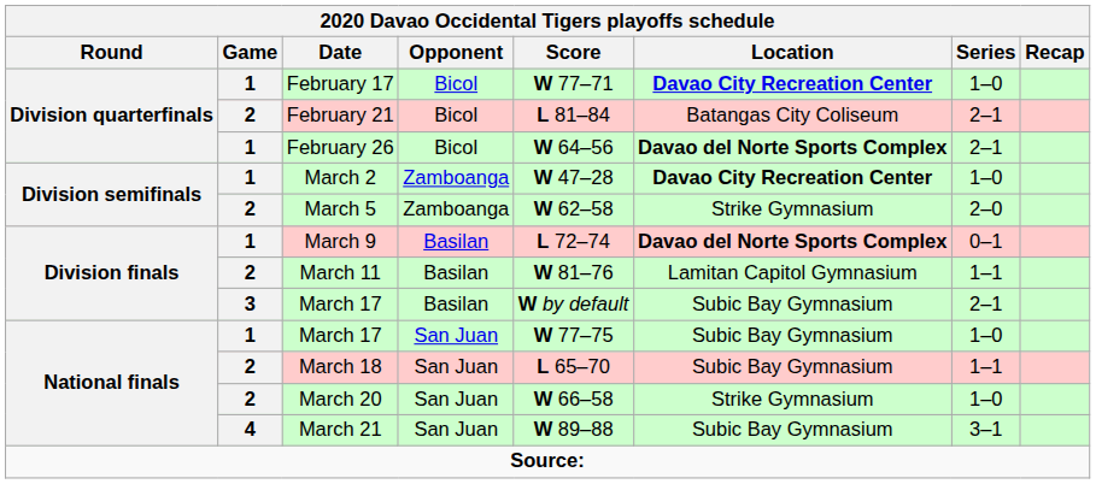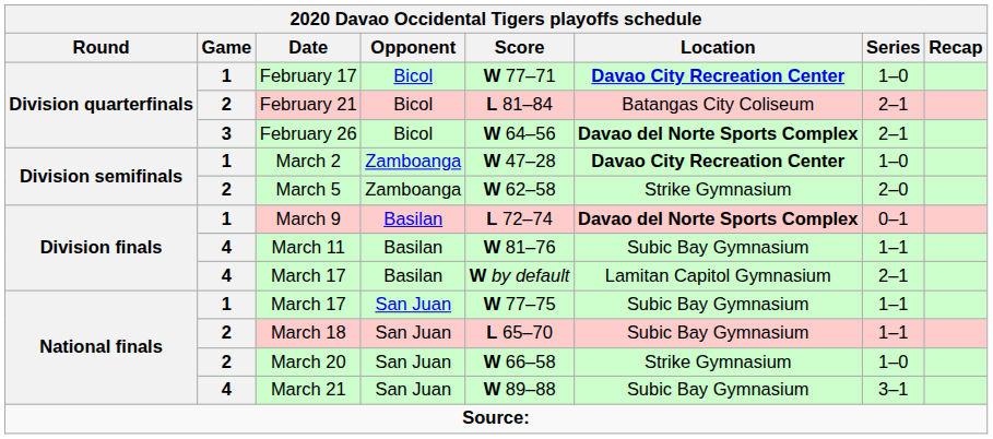 <table class="wikitable" style="text-align:center">
 <tr>
 <th colspan=8>2020 Davao Occidental Tigers playoffs schedule</th>
 </tr>
 <tr>
 <th>Round</th>
 <th>Game</th>
 <th>Date</th>
 <th>Opponent</th>
 <th>Score</th>
 <th>Location</th>
 <th>Series</th>
 <th>Recap<br></th>
 </tr>
 <tr style="background:#cfc">
 <th rowspan=3>Division quarterfinals</th>
 <th>1</th>
 <td>February 17</td>
 <td><a href='#'>Bicol</a></td>
 <td><strong>W</strong> 77–71</td>
 <td><strong><a href='#'>Davao City Recreation Center</a></strong></td>
 <td>1–0</td>
 <td></td>
 </tr>
 <tr style="background:#fcc">
 <th>2</th>
 <td>February 21</td>
 <td>Bicol</td>
 <td><strong>L</strong> 81–84</td>
 <td>Batangas City Coliseum</td>
 <td>2–1</td>
 <td></td>
 </tr>
 <tr style="background:#cfc">
-<th>1</th>
+<th>3</th>
 <td>February 26</td>
 <td>Bicol</td>
 <td><strong>W</strong> 64–56</td>
 <td><strong>	Davao del Norte Sports Complex</strong></td>
 <td>2–1</td>
 <td><br></td>
 </tr>
 <tr style="background:#cfc">
 <th rowspan=2>Division semifinals</th>
 <th>1</th>
 <td>March 2</td>
 <td><a href='#'>Zamboanga</a></td>
 <td><strong>W</strong> 47–28</td>
 <td><strong>Davao City Recreation Center</strong></td>
 <td>1–0</td>
 <td></td>
 </tr>
 <tr style="background:#cfc">
 <th>2</th>
 <td>March 5</td>
 <td>Zamboanga</td>
 <td><strong>W</strong> 62–58</td>
 <td>Strike Gymnasium</td>
 <td>2–0</td>
 <td><br></td>
 </tr>
 <tr style="background:#fcc">
 <th rowspan=3>Division finals</th>
 <th>1</th>
 <td>March 9</td>
 <td><a href='#'>Basilan</a></td>
 <td><strong>L</strong> 72–74</td>
 <td><strong>	Davao del Norte Sports Complex</strong></td>
 <td>0–1</td>
 <td></td>
 </tr>
 <tr style="background:#cfc">
-<th>2</th>
+<th>4</th>
 <td>March 11</td>
 <td>Basilan</td>
 <td><strong>W</strong> 81–76</td>
-<td>Lamitan Capitol Gymnasium</td>
+<td>Subic Bay Gymnasium</td>
 <td>1–1</td>
 <td></td>
 </tr>
 <tr style="background:#cfc">
-<th>3</th>
+<th>4</th>
 <td>March 17</td>
 <td>Basilan</td>
 <td><strong>W</strong> <em>by default</em></td>
-<td>Subic Bay Gymnasium</td>
+<td>Lamitan Capitol Gymnasium</td>
 <td>2–1</td>
 <td><br></td>
 </tr>
 <tr style="background:#cfc">
 <th rowspan=4>National finals</th>
 <th>1</th>
 <td>March 17</td>
 <td><a href='#'>San Juan</a></td>
 <td><strong>W</strong> 77–75</td>
 <td>Subic Bay Gymnasium</td>
-<td>1–0</td>
+<td>1–1</td>
 <td></td>
 </tr>
 <tr style="background:#fcc">
 <th>2</th>
 <td>March 18</td>
 <td>San Juan</td>
 <td><strong>L</strong> 65–70</td>
 <td>Subic Bay Gymnasium</td>
 <td>1–1</td>
 <td></td>
 </tr>
 <tr style="background:#cfc">
 <th>2</th>
 <td>March 20</td>
 <td>San Juan</td>
 <td><strong>W</strong> 66–58</td>
 <td>Strike Gymnasium</td>
 <td>1–0</td>
 <td></td>
 </tr>
 <tr style="background:#cfc">
 <th>4</th>
 <td>March 21</td>
 <td>San Juan</td>
 <td><strong>W</strong> 89–88</td>
 <td>Subic Bay Gymnasium</td>
 <td>3–1</td>
 <td></td>
 </tr>
 <tr>
 <td colspan=8 align=center><strong>Source: </strong></td>
 </tr>
 </table>
